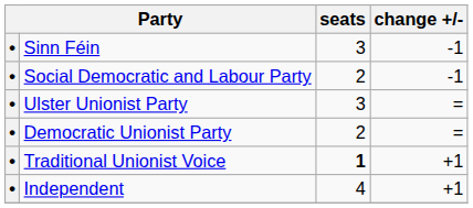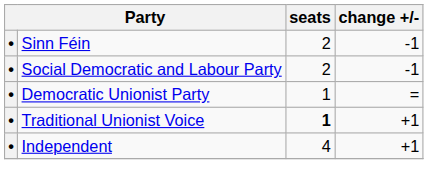 <table class="wikitable" style="font-size: 95%;">
 <tr>
 <th colspan=2>Party</th>
 <th>seats</th>
 <th>change +/-</th>
 </tr>
 <tr>
 <th style="background-color: "><span>•</span></th>
 <td><a href='#'>Sinn Féin</a></td>
-<td align="right">3</td>
+<td align="right">2</td>
 <td align="right">-1</td>
 </tr>
 <tr>
 <th style="background-color: "><span>•</span></th>
 <td><a href='#'>Social Democratic and Labour Party</a></td>
 <td align="right">2</td>
 <td align="right">-1</td>
 </tr>
 <tr>
 <th style="background-color: "><span>•</span></th>
-<td><a href='#'>Ulster Unionist Party</a></td>
-<td align="right">3</td>
-<td align="right">=</td>
-</tr>
-<tr>
-<th style="background-color: "><span>•</span></th>
 <td><a href='#'>Democratic Unionist Party</a></td>
-<td align="right">2</td>
+<td align="right">1</td>
 <td align="right">=</td>
 </tr>
 <tr>
 <th style="background-color: "><span>•</span></th>
 <td><a href='#'>Traditional Unionist Voice</a></td>
 <td align="right"><strong>1</strong></td>
 <td align="right">+1</td>
 </tr>
 <tr>
 <th style="background-color: "><span>•</span></th>
 <td><a href='#'>Independent</a></td>
 <td align="right">4</td>
 <td align="right">+1</td>
 </tr>
 <tr>
 </tr>
 </table>
